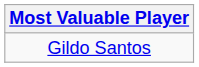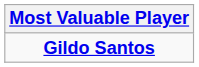 <table class=wikitable style="text-align:center; margin:auto">
 <tr>
 <th><a href='#'>Most Valuable Player</a></th>
 </tr>
 <tr>
-<td> <a href='#'>Gildo Santos</a></td>
+<td><strong> <a href='#'>Gildo Santos</a></strong></td>
 </tr>
 </table>
